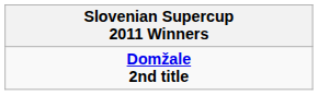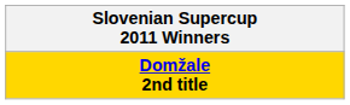 <table class="wikitable" style="text-align: center; margin: 0 auto; width: 20%">
 <tr>
 <th>Slovenian Supercup <br>2011 Winners</th>
 </tr>
 <tr>
-<td><strong><a href='#'>Domžale</a></strong><br><strong>2nd title</strong></td>
+<td style="background: gold;"><strong><a href='#'>Domžale</a></strong><br><strong>2nd title</strong></td>
 </tr>
 </table>
